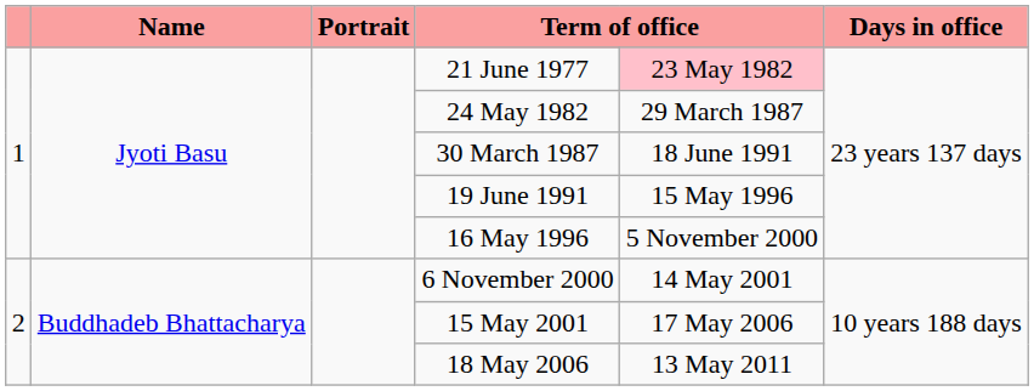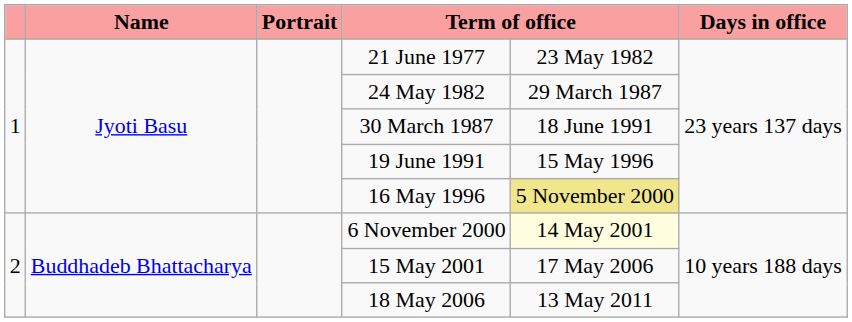 <table class="wikitable" style="text-align:center">
 <tr>
 <th style="background:#FAA0A0"></th>
 <th style="background:#FAA0A0">Name</th>
 <th style="background:#FAA0A0">Portrait</th>
 <th colspan="2" style="background:#FAA0A0">Term of office</th>
 <th style="background:#FAA0A0">Days in office</th>
 </tr>
 <tr>
 <td rowspan="5">1</td>
 <td rowspan="5"><a href='#'>Jyoti Basu</a></td>
 <td rowspan="5"></td>
 <td>21 June 1977</td>
-<td style="background: pink;">23 May 1982</td>
+<td>23 May 1982</td>
 <td rowspan="5">23 years 137 days</td>
 </tr>
 <tr>
 <td>24 May 1982</td>
 <td>29 March 1987</td>
 </tr>
 <tr>
 <td>30 March 1987</td>
 <td>18 June 1991</td>
 </tr>
 <tr>
 <td>19 June 1991</td>
 <td>15 May 1996</td>
 </tr>
 <tr>
 <td>16 May 1996</td>
-<td>5 November 2000</td>
+<td style="background: khaki;">5 November 2000</td>
 </tr>
 <tr>
 <td rowspan="3">2</td>
 <td rowspan="3"><a href='#'>Buddhadeb Bhattacharya</a></td>
 <td rowspan="3"></td>
 <td>6 November 2000</td>
-<td>14 May 2001</td>
+<td style="background: lightyellow;">14 May 2001</td>
 <td rowspan="3">10 years 188 days</td>
 </tr>
 <tr>
 <td>15 May 2001</td>
 <td>17 May 2006</td>
 </tr>
 <tr>
 <td>18 May 2006</td>
 <td>13 May 2011</td>
 </tr>
 </table>
